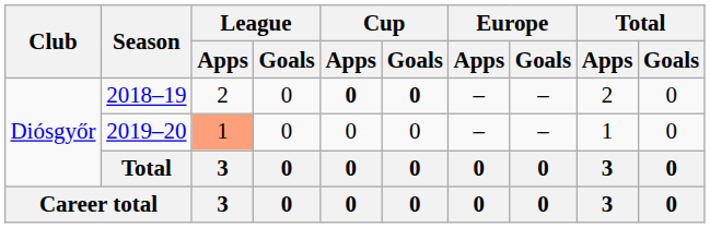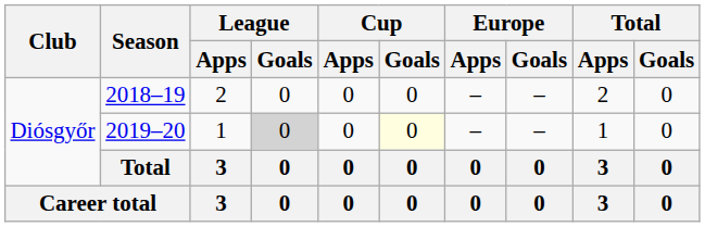 <table class="wikitable" style="text-align: center;">
 <tr>
 <th rowspan="2">Club</th>
 <th rowspan="2">Season</th>
 <th colspan="2">League</th>
 <th colspan="2">Cup</th>
 <th colspan="2">Europe</th>
 <th colspan="2">Total</th>
 </tr>
 <tr>
 <th>Apps</th>
 <th>Goals</th>
 <th>Apps</th>
 <th>Goals</th>
 <th>Apps</th>
 <th>Goals</th>
 <th>Apps</th>
 <th>Goals</th>
 </tr>
 <tr>
 <td rowspan="3"><a href='#'>Diósgyőr</a></td>
 <td><a href='#'>2018–19</a></td>
 <td>2</td>
 <td>0</td>
-<td><strong>0</strong></td>
-<td><strong>0</strong></td>
+<td>0</td>
+<td>0</td>
 <td>–</td>
 <td>–</td>
 <td>2</td>
 <td>0</td>
 </tr>
 <tr>
 <td><a href='#'>2019–20</a></td>
-<td style="background: lightsalmon;">1</td>
+<td>1</td>
+<td style="background: lightgrey;">0</td>
 <td>0</td>
-<td>0</td>
-<td>0</td>
+<td style="background: lightyellow;">0</td>
 <td>–</td>
 <td>–</td>
 <td>1</td>
 <td>0</td>
 </tr>
 <tr>
 <th>Total</th>
 <th>3</th>
 <th>0</th>
 <th>0</th>
 <th>0</th>
 <th>0</th>
 <th>0</th>
 <th>3</th>
 <th>0</th>
 </tr>
 <tr>
 <th colspan="2">Career total</th>
 <th>3</th>
 <th>0</th>
 <th>0</th>
 <th>0</th>
 <th>0</th>
 <th>0</th>
 <th>3</th>
 <th>0</th>
 </tr>
 </table>
